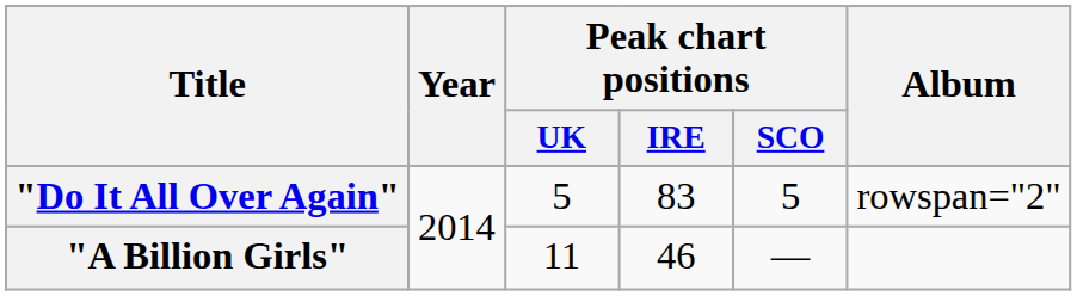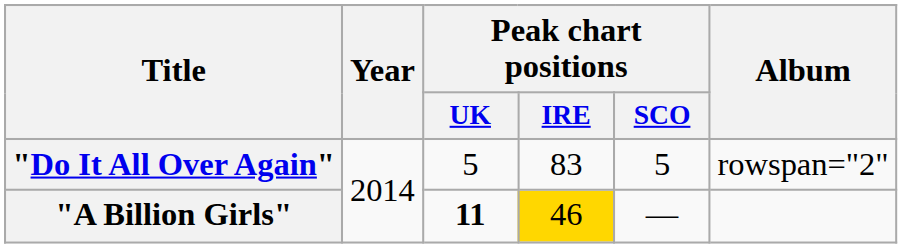 <table class="wikitable plainrowheaders" style="text-align:center;">
 <tr>
 <th scope="col" rowspan="2">Title</th>
 <th scope="col" rowspan="2">Year</th>
 <th scope="col" colspan="3">Peak chart positions</th>
 <th scope="col" rowspan="2">Album</th>
 </tr>
 <tr>
 <th scope="col" style="width:3em;font-size:85%;"><a href='#'>UK</a><br></th>
 <th scope="col" style="width:3em;font-size:85%;"><a href='#'>IRE</a><br></th>
 <th scope="col" style="width:3em;font-size:85%;"><a href='#'>SCO</a><br></th>
 </tr>
 <tr>
 <th scope="row">"<a href='#'>Do It All Over Again</a>"</th>
 <td rowspan="2">2014</td>
 <td>5</td>
 <td>83</td>
 <td>5</td>
 <td>rowspan="2" </td>
 </tr>
 <tr>
 <th scope="row">"A Billion Girls"</th>
-<td>11</td>
-<td>46</td>
+<td><strong>11</strong></td>
+<td style="background: gold;">46</td>
 <td>—</td>
 </tr>
 </table>
